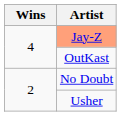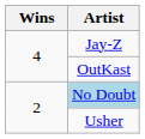 <table class="wikitable" rowspan="2" style="text-align:center">
 <tr>
 <th scope="col" style="width:55px;">Wins</th>
 <th scope="col" style="text-align:center;">Artist</th>
 </tr>
 <tr>
 <td rowspan="2" style="text-align:center">4</td>
-<td style="background: lightsalmon;"><a href='#'>Jay-Z</a></td>
+<td><a href='#'>Jay-Z</a></td>
 </tr>
 <tr>
 <td><a href='#'>OutKast</a></td>
 </tr>
 <tr>
 <td rowspan="2" style="text-align:center">2</td>
-<td><a href='#'>No Doubt</a></td>
+<td style="background: lightblue;"><a href='#'>No Doubt</a></td>
 </tr>
 <tr>
 <td><a href='#'>Usher</a></td>
 </tr>
 </table>
